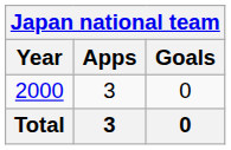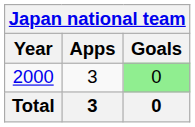 <table class="wikitable" style="text-align:center">
 <tr>
 <th colspan=3><a href='#'>Japan national team</a></th>
 </tr>
 <tr>
 <th>Year</th>
 <th>Apps</th>
 <th>Goals</th>
 </tr>
 <tr>
 <td><a href='#'>2000</a></td>
 <td>3</td>
-<td>0</td>
+<td style="background: lightgreen;">0</td>
 </tr>
 <tr>
 <th>Total</th>
 <th>3</th>
 <th>0</th>
 </tr>
 </table>
